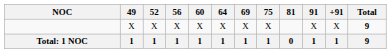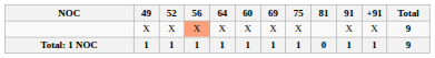 <table class="wikitable" style="text-align:center; font-size:90%">
 <tr>
 <th width=180 align="left">NOC</th>
 <th width=30>49</th>
 <th width=30>52</th>
 <th width=30>56</th>
+<th width=30>64</th>
 <th width=30>60</th>
-<th width=30>64</th>
 <th width=30>69</th>
 <th width=30>75</th>
 <th width=30>81</th>
 <th width=30>91</th>
 <th width=30>+91</th>
 <th width=55>Total</th>
 </tr>
 <tr>
 <td align=left></td>
 <td>X</td>
 <td>X</td>
-<td>X</td>
+<td style="background: lightsalmon;">X</td>
 <td>X</td>
 <td>X</td>
 <td>X</td>
 <td>X</td>
 <td></td>
 <td>X</td>
 <td>X</td>
 <td><strong>9</strong></td>
 </tr>
 <tr>
 <th>Total: 1 NOC</th>
 <th>1</th>
 <th>1</th>
 <th>1</th>
 <th>1</th>
 <th>1</th>
 <th>1</th>
 <th>1</th>
 <th>0</th>
 <th>1</th>
 <th>1</th>
 <th>9</th>
 </tr>
 </table>
